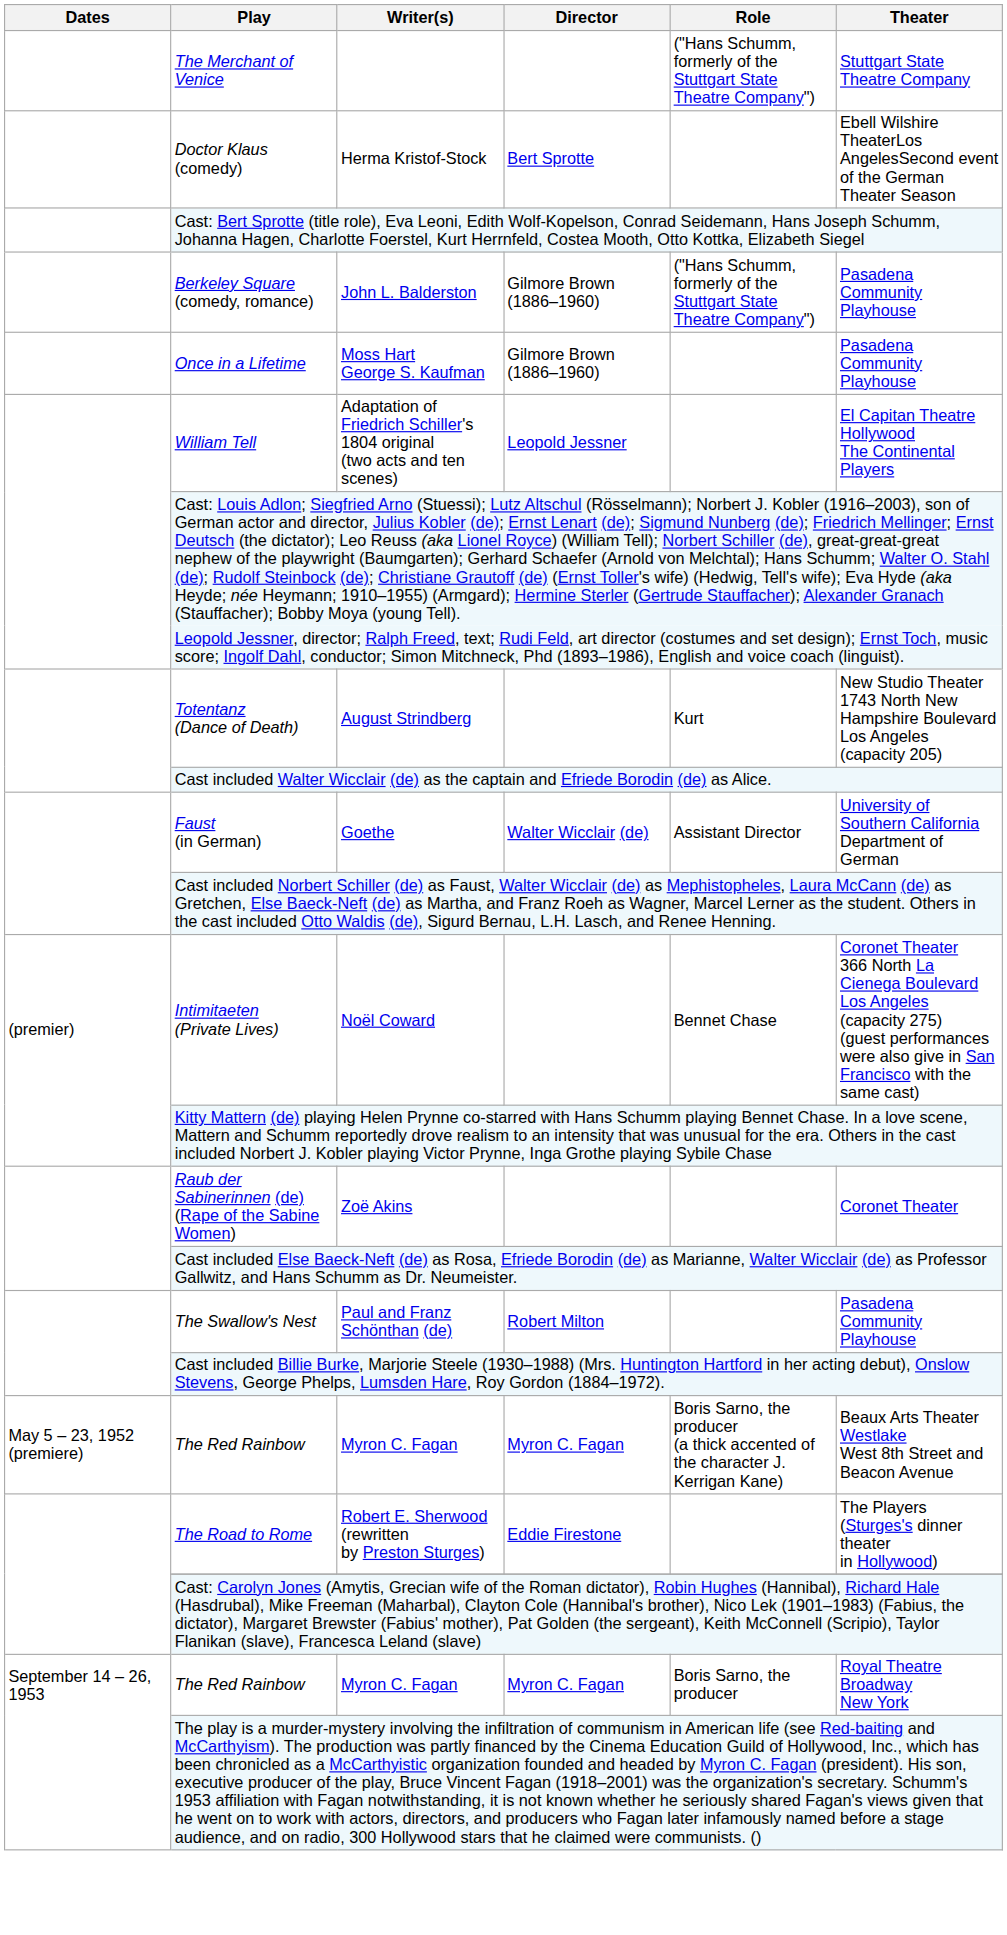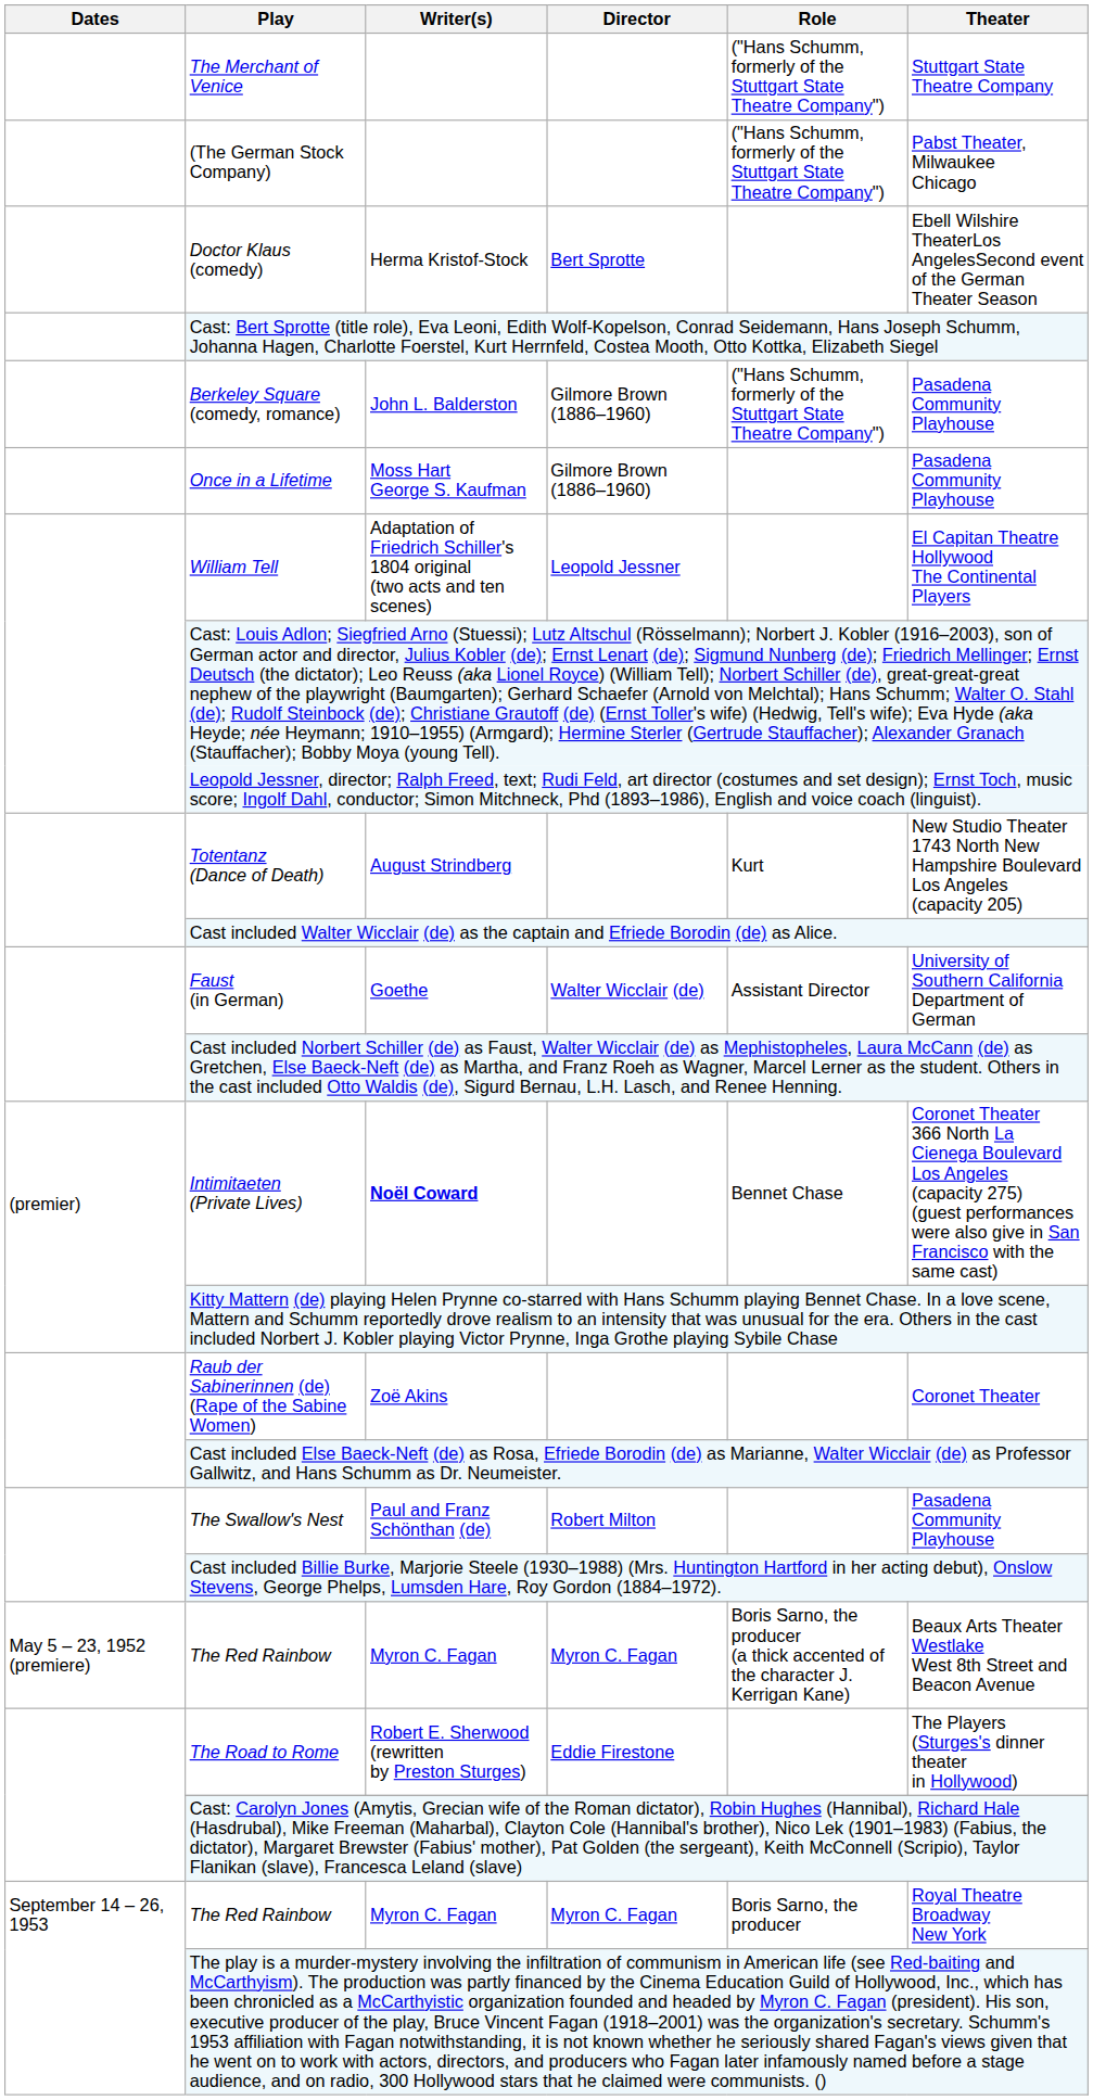 <table class="wikitable" style="color: black; background-color: #FFFFFF; font-size: 90%; width:100%">
 <tr>
 <th>Dates</th>
 <th>Play</th>
 <th>Writer(s)</th>
 <th>Director</th>
 <th>Role</th>
 <th>Theater</th>
 </tr>
 <tr>
 <td width="16.67%"></td>
 <td width="16.67%"><em><a href='#'>The Merchant of Venice</a></em></td>
 <td width="16.67%"></td>
 <td width="16.67%"></td>
 <td width="16.67%">("Hans Schumm, formerly of the <a href='#'>Stuttgart State Theatre Company</a>")</td>
 <td width="16.67%"><a href='#'>Stuttgart State Theatre Company</a></td>
+</tr>
+<tr>
+<td width="16.67%"></td>
+<td width="16.67%">(The German Stock Company)</td>
+<td width="16.67%"></td>
+<td width="16.67%"></td>
+<td width="16.67%">("Hans Schumm, formerly of the <a href='#'>Stuttgart State Theatre Company</a>")</td>
+<td width="16.67%"><a href='#'>Pabst Theater</a>, Milwaukee<br>Chicago</td>
 </tr>
 <tr>
 <td width="16.67%"></td>
 <td width="16.67%"><em>Doctor Klaus</em><br>(comedy)</td>
 <td width="16.67%">Herma Kristof-Stock</td>
 <td width="16.67%"; data-sort-value="sprotte"><a href='#'>Bert Sprotte</a></td>
 <td width="16.67%"></td>
 <td width="16.67%">Ebell Wilshire TheaterLos AngelesSecond event of the German Theater Season</td>
 </tr>
 <tr valign="bottom;" style="text-align:left">
 <td width="16.67%;" style="border-style: solid; border-width: 0px 1px 0px 1px;"></td>
 <td colspan=5 style="background:#EEF8FC; border-style: solid; border-width: 0px 1px 0px 1px;">Cast: <a href='#'>Bert Sprotte</a> (title role), Eva Leoni, Edith Wolf-Kopelson, Conrad Seidemann, Hans Joseph Schumm, Johanna Hagen, Charlotte Foerstel, Kurt Herrnfeld, Costea Mooth, Otto Kottka, Elizabeth Siegel</td>
 </tr>
 <tr>
 <td width="16.67%"></td>
 <td width="16.67%"><em><a href='#'>Berkeley Square</a></em><br>(comedy, romance)</td>
 <td width="16.67%"><a href='#'>John L. Balderston</a></td>
 <td width="16.67%"; data-sort-value="Brown Gilmore">Gilmore Brown<br>(1886–1960)</td>
 <td width="16.67%">("Hans Schumm, formerly of the <a href='#'>Stuttgart State Theatre Company</a>")</td>
 <td width="16.67%"><a href='#'>Pasadena Community Playhouse</a></td>
 </tr>
 <tr>
 <td width="16.67%"></td>
 <td width="16.67%"><em><a href='#'>Once in a Lifetime</a></em></td>
 <td width="16.67%"><a href='#'>Moss Hart</a><br><a href='#'>George S. Kaufman</a></td>
 <td width="16.67%">Gilmore Brown<br>(1886–1960)</td>
 <td width="16.67%"></td>
 <td width="16.67%"><a href='#'>Pasadena Community Playhouse</a></td>
 </tr>
 <tr>
 <td width="16.67%;" style="border-style: solid; border-width: 1px 1px 0px 1px"></td>
 <td width="16.67%"><em><a href='#'>William Tell</a></em></td>
 <td width="16.67%">Adaptation of <a href='#'>Friedrich Schiller</a>'s 1804 original<br>(two acts and ten scenes)</td>
 <td width="16.67%"><a href='#'>Leopold Jessner</a></td>
 <td width="16.67%"></td>
 <td width="16.67%"><a href='#'>El Capitan Theatre</a><br><a href='#'>Hollywood</a><br><a href='#'>The Continental Players</a></td>
 </tr>
 <tr valign="bottom;" style="text-align:left">
 <td width="16.67%;" style="border-style: solid; border-width: 0px 1px 0px 1px;"></td>
 <td colspan=5 style="background:#EEF8FC; border-style: solid; border-width: 0px 1px 0px 1px;">Cast: <a href='#'>Louis Adlon</a>; <a href='#'>Siegfried Arno</a> (Stuessi); <a href='#'>Lutz Altschul</a> (Rösselmann); Norbert J. Kobler (1916–2003), son of German actor and director, <a href='#'>Julius Kobler</a> <a href='#'>(de)</a>; <a href='#'>Ernst Lenart</a> <a href='#'>(de)</a>; <a href='#'>Sigmund Nunberg</a> <a href='#'>(de)</a>; <a href='#'>Friedrich Mellinger</a>; <a href='#'>Ernst Deutsch</a> (the dictator); Leo Reuss <em>(aka</em> <a href='#'>Lionel Royce</a>) (William Tell); <a href='#'>Norbert Schiller</a> <a href='#'>(de)</a>, great-great-great nephew of the playwright (Baumgarten); Gerhard Schaefer (Arnold von Melchtal); Hans Schumm; <a href='#'>Walter O. Stahl</a> <a href='#'>(de)</a>; <a href='#'>Rudolf Steinbock</a> <a href='#'>(de)</a>; <a href='#'>Christiane Grautoff</a> <a href='#'>(de)</a> (<a href='#'>Ernst Toller</a>'s wife) (Hedwig, Tell's wife); Eva Hyde <em>(aka</em> Heyde; <em>née</em> Heymann; 1910–1955) (Armgard); <a href='#'>Hermine Sterler</a> (<a href='#'>Gertrude Stauffacher</a>); <a href='#'>Alexander Granach</a> (Stauffacher); Bobby Moya (young Tell).</td>
 </tr>
 <tr valign="bottom;" style="text-align:left">
 <td width="16.67%;" style="border-style: solid; border-width: 0px 1px 0px 1px;"></td>
 <td colspan=5 style="background:#EEF8FC; border-style: solid; border-width: 0px 1px 0px 1px;"><a href='#'>Leopold Jessner</a>, director; <a href='#'>Ralph Freed</a>, text; <a href='#'>Rudi Feld</a>, art director (costumes and set design); <a href='#'>Ernst Toch</a>, music score; <a href='#'>Ingolf Dahl</a>, conductor; Simon Mitchneck, Phd (1893–1986), English and voice coach (linguist).</td>
 </tr>
 <tr>
 <td width="16.67%;" style="border-style: solid; border-width: 1px 1px 0px 1px;"></td>
 <td width="16.67%"><em><a href='#'>Totentanz</a></em><br><em>(Dance of Death)</em></td>
 <td width="16.67%"><a href='#'>August Strindberg</a></td>
 <td width="16.67%"></td>
 <td width="16.67%">Kurt</td>
 <td width="16.67%">New Studio Theater<br>1743 North New Hampshire Boulevard<br>Los Angeles<br>(capacity 205)</td>
 </tr>
 <tr valign="bottom;" style="text-align:left">
 <td width="16.67%;" style="border-style: solid; border-width: 0px 1px 0px 1px"></td>
 <td colspan=5 style="background:#EEF8FC;">Cast included <a href='#'>Walter Wicclair</a> <a href='#'>(de)</a> as the captain and <a href='#'>Efriede Borodin</a> <a href='#'>(de)</a> as Alice.</td>
 </tr>
 <tr>
 <td width="16.67%;" style="border-style: solid; border-width: 1px 1px 0px 1px;"></td>
 <td width="16.67%"><em><a href='#'>Faust</a></em><br>(in German)</td>
 <td width="16.67%"><a href='#'>Goethe</a></td>
 <td width="16.67%"><a href='#'>Walter Wicclair</a> <a href='#'>(de)</a></td>
 <td width="16.67%">Assistant Director</td>
 <td width="16.67%"><a href='#'>University of Southern California</a><br>Department of German</td>
 </tr>
 <tr valign="bottom;" style="text-align:left">
 <td width="16.67%;" style="border-style: solid; border-width: 0px 1px 0px 1px"></td>
 <td colspan=5 style="background:#EEF8FC;">Cast included <a href='#'>Norbert Schiller</a> <a href='#'>(de)</a> as Faust, <a href='#'>Walter Wicclair</a> <a href='#'>(de)</a> as <a href='#'>Mephistopheles</a>, <a href='#'>Laura McCann</a> <a href='#'>(de)</a> as Gretchen, <a href='#'>Else Baeck-Neft</a> <a href='#'>(de)</a> as Martha, and Franz Roeh as Wagner, Marcel Lerner as the student. Others in the cast included <a href='#'>Otto Waldis</a> <a href='#'>(de)</a>, Sigurd Bernau, L.H. Lasch, and Renee Henning.</td>
 </tr>
 <tr>
 <td width="16.67%;" style="border-style: solid; border-width: 1px 1px 0px 1px;"><br>(premier)</td>
 <td width="16.67%"><em><a href='#'>Intimitaeten</a></em><br><em>(Private Lives)</em></td>
-<td width="16.67%"><a href='#'>Noël Coward</a></td>
+<td width="16.67%"><strong><a href='#'>Noël Coward</a></strong></td>
 <td width="16.67%"></td>
 <td width="16.67%">Bennet Chase</td>
 <td width="16.67%"><a href='#'>Coronet Theater</a><br>366 North <a href='#'>La Cienega Boulevard</a><br><a href='#'>Los Angeles</a><br>(capacity 275)<br>(guest performances were also give in <a href='#'>San Francisco</a> with the same cast)</td>
 </tr>
 <tr valign="bottom;" style="text-align:left">
 <td width="16.67%;" style="border-style: solid; border-width: 0px 1px 0px 1px"></td>
 <td colspan=5 style="background:#EEF8FC;"><a href='#'>Kitty Mattern</a> <a href='#'>(de)</a> playing Helen Prynne co-starred with Hans Schumm playing Bennet Chase. In a love scene, Mattern and Schumm reportedly drove realism to an intensity that was unusual for the era. Others in the cast included Norbert J. Kobler playing Victor Prynne, Inga Grothe playing Sybile Chase</td>
 </tr>
 <tr>
 <td width="16.67%;" style="border-style: solid; border-width: 1px 1px 0px 1px;"> </td>
 <td width="16.67%"><em><a href='#'>Raub der Sabinerinnen</a></em> <a href='#'>(de)</a><br>(<a href='#'>Rape of the Sabine Women</a>)</td>
 <td width="16.67%"><a href='#'>Zoë Akins</a></td>
 <td width="16.67%"></td>
 <td width="16.67%"></td>
 <td width="16.67%"><a href='#'>Coronet Theater</a></td>
 </tr>
 <tr valign="bottom;" style="text-align:left">
 <td width="16.67%;" style="border-style: solid; border-width: 0px 1px 0px 1px"></td>
 <td colspan=5 style="background:#EEF8FC;">Cast included <a href='#'>Else Baeck-Neft</a> <a href='#'>(de)</a> as Rosa, <a href='#'>Efriede Borodin</a> <a href='#'>(de)</a> as Marianne, <a href='#'>Walter Wicclair</a> <a href='#'>(de)</a> as Professor Gallwitz, and Hans Schumm as Dr. Neumeister.</td>
 </tr>
 <tr>
 <td width="16.67%;" style="border-style: solid; border-width: 1px 1px 0px 1px;"></td>
 <td width="16.67%"><em>The Swallow's Nest</em></td>
 <td width="16.67%"><a href='#'>Paul and Franz Schönthan</a> <a href='#'>(de)</a></td>
 <td width="16.67%"><a href='#'>Robert Milton</a></td>
 <td width="16.67%"></td>
 <td width="16.67%"><a href='#'>Pasadena Community Playhouse</a></td>
 </tr>
 <tr valign="bottom;" style="text-align:left">
 <td width="16.67%;" style="border-style: solid; border-width: 0px 1px 0px 1px"></td>
 <td colspan=5 style="background:#EEF8FC;">Cast included <a href='#'>Billie Burke</a>, Marjorie Steele (1930–1988) (Mrs. <a href='#'>Huntington Hartford</a> in her acting debut), <a href='#'>Onslow Stevens</a>, George Phelps, <a href='#'>Lumsden Hare</a>, Roy Gordon (1884–1972).</td>
 </tr>
 <tr>
 <td width="16.67%">May 5 – 23, 1952<br>(premiere)</td>
 <td width="16.67%"><em>The Red Rainbow</em></td>
 <td width="16.67%"><a href='#'>Myron C. Fagan</a></td>
 <td width="16.67%"><a href='#'>Myron C. Fagan</a></td>
 <td width="16.67%">Boris Sarno, the producer<br>(a thick accented  of the character J. Kerrigan Kane)</td>
 <td width="16.67%">Beaux Arts Theater<br><a href='#'>Westlake</a><br>West 8th Street and Beacon Avenue</td>
 </tr>
 <tr>
 <td width="16.67%;" style="border-style: solid; border-width: 1px 1px 0px 1px;"></td>
 <td width="16.67%"><em><a href='#'>The Road to Rome</a></em></td>
 <td width="16.67%"><a href='#'>Robert E. Sherwood</a><br>(rewritten<br>by <a href='#'>Preston Sturges</a>)</td>
 <td width="16.67%"><a href='#'>Eddie Firestone</a></td>
 <td width="16.67%"></td>
 <td width="16.67%">The Players<br>(<a href='#'>Sturges's</a> dinner theater<br>in <a href='#'>Hollywood</a>)</td>
 </tr>
 <tr>
 </tr>
 <tr valign="bottom;" style="text-align:left">
 <td width="16.67%;" style="border-style: solid; border-width: 0px 1px 0px 1px"></td>
 <td colspan=5 style="background:#EEF8FC;">Cast: <a href='#'>Carolyn Jones</a> (Amytis, Grecian wife of the Roman dictator), <a href='#'>Robin Hughes</a> (Hannibal), <a href='#'>Richard Hale</a> (Hasdrubal), Mike Freeman (Maharbal), Clayton Cole (Hannibal's brother), Nico Lek (1901–1983) (Fabius, the dictator), Margaret Brewster (Fabius' mother), Pat Golden (the sergeant), Keith McConnell (Scripio), Taylor Flanikan (slave), Francesca Leland (slave)</td>
 </tr>
 <tr>
 <td width="16.67%;" style="border-style: solid; border-width: 1px 1px 0px 1px;">September 14 – 26, 1953</td>
 <td width="16.67%"><em>The Red Rainbow</em></td>
 <td width="16.67%"><a href='#'>Myron C. Fagan</a></td>
 <td width="16.67%"><a href='#'>Myron C. Fagan</a></td>
 <td width="16.67%">Boris Sarno, the producer</td>
 <td width="16.67%"><a href='#'>Royal Theatre</a><br><a href='#'>Broadway</a><br><a href='#'>New York</a></td>
 </tr>
 <tr valign="bottom;" style="text-align:left">
 <td width="16.67%;" style="border-style: solid; border-width: 0px 1px 0px 1px"></td>
 <td colspan=5 style="background:#EEF8FC;">The play is a murder-mystery involving the infiltration of communism in American life (see <a href='#'>Red-baiting</a> and <a href='#'>McCarthyism</a>). The production was partly financed by the Cinema Education Guild of Hollywood, Inc., which has been chronicled as a   <a href='#'>McCarthyistic</a> organization founded and headed by <a href='#'>Myron C. Fagan</a> (president). His son, executive producer of the play, Bruce Vincent Fagan (1918–2001) was the organization's secretary. Schumm's 1953 affiliation with Fagan notwithstanding, it is not known whether he seriously shared Fagan's views given that he went on to work with actors, directors, and producers who Fagan later infamously named before a stage audience, and on radio, 300 Hollywood stars that he claimed were communists. ()</td>
 </tr>
 </table>
